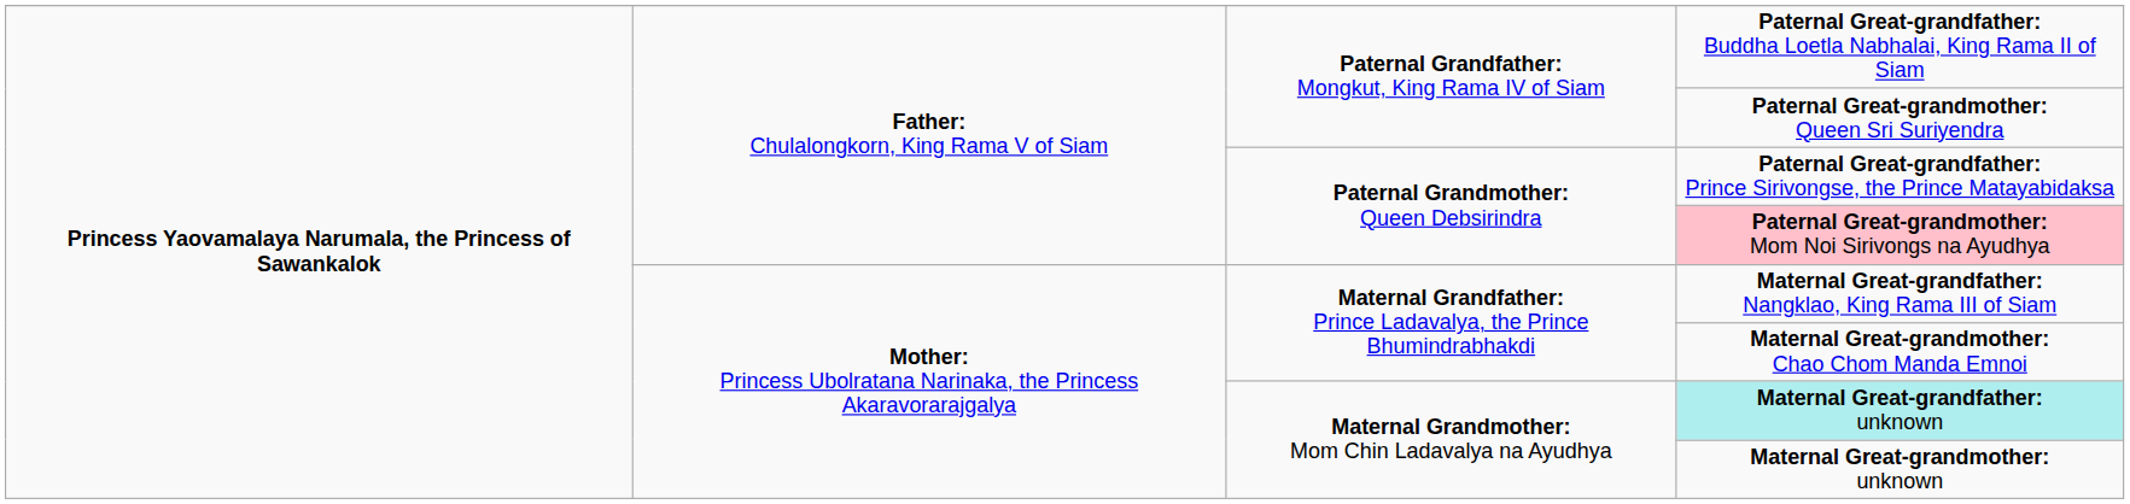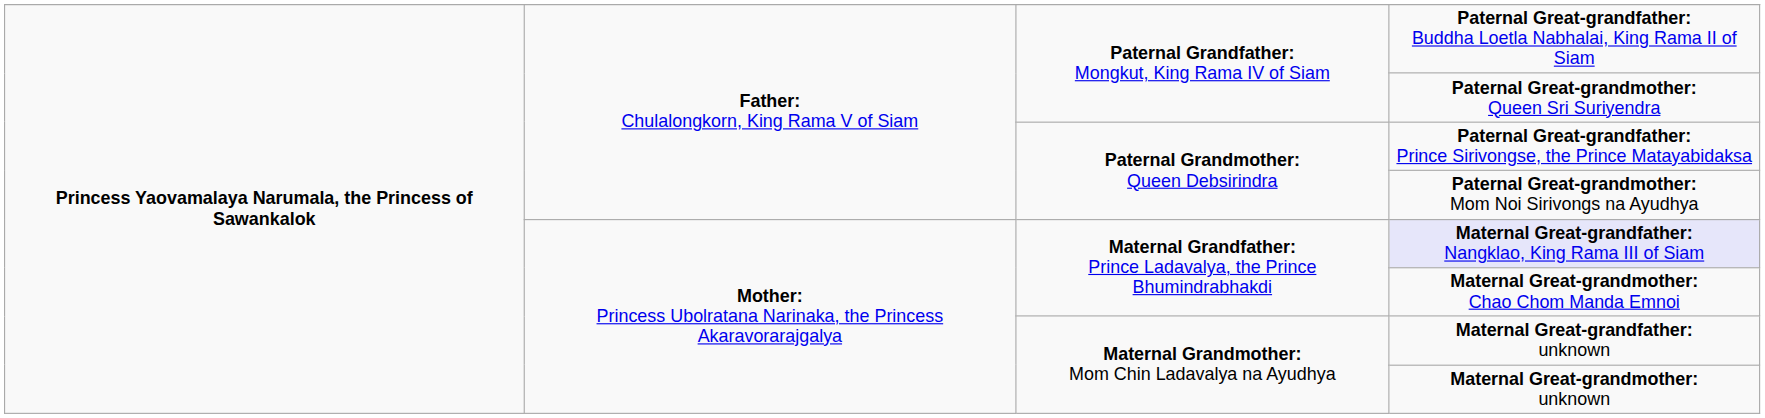 <table class="wikitable">
 <tr>
 </tr>
 <tr>
 <td rowspan="8" align="center"><strong>Princess Yaovamalaya Narumala, the Princess of Sawankalok</strong></td>
 <td rowspan="4" align="center"><strong>Father:</strong><br><a href='#'>Chulalongkorn, King Rama V of Siam</a></td>
 <td rowspan="2" align="center"><strong>Paternal Grandfather:</strong><br><a href='#'>Mongkut, King Rama IV of Siam</a></td>
 <td align = "center"><strong>Paternal Great-grandfather:</strong><br><a href='#'>Buddha Loetla Nabhalai, King Rama II of Siam</a></td>
 </tr>
 <tr>
 <td align = "center"><strong>Paternal Great-grandmother:</strong><br><a href='#'>Queen Sri Suriyendra</a></td>
 </tr>
 <tr>
 <td rowspan="2" align="center"><strong>Paternal Grandmother:</strong><br><a href='#'>Queen Debsirindra</a></td>
 <td align = "center"><strong>Paternal Great-grandfather:</strong><br><a href='#'>Prince Sirivongse, the Prince Matayabidaksa</a></td>
 </tr>
 <tr>
-<td align = "center" style="background: pink;"><strong>Paternal Great-grandmother:</strong><br>Mom Noi Sirivongs na Ayudhya</td>
+<td align = "center"><strong>Paternal Great-grandmother:</strong><br>Mom Noi Sirivongs na Ayudhya</td>
 </tr>
 <tr>
 <td rowspan="4" align="center"><strong>Mother:</strong><br><a href='#'>Princess Ubolratana Narinaka, the Princess Akaravorarajgalya</a></td>
 <td rowspan="2" align="center"><strong>Maternal Grandfather:</strong><br><a href='#'>Prince Ladavalya, the Prince Bhumindrabhakdi</a></td>
-<td align = "center"><strong>Maternal Great-grandfather:</strong><br><a href='#'>Nangklao, King Rama III of Siam</a></td>
+<td align = "center" style="background: lavender;"><strong>Maternal Great-grandfather:</strong><br><a href='#'>Nangklao, King Rama III of Siam</a></td>
 </tr>
 <tr>
 <td align = "center"><strong>Maternal Great-grandmother:</strong><br><a href='#'>Chao Chom Manda Emnoi</a></td>
 </tr>
 <tr>
 <td rowspan="2" align="center"><strong>Maternal Grandmother:</strong><br>Mom Chin Ladavalya na Ayudhya</td>
-<td align = "center" style="background: paleturquoise;"><strong>Maternal Great-grandfather:</strong><br>unknown</td>
+<td align = "center"><strong>Maternal Great-grandfather:</strong><br>unknown</td>
 </tr>
 <tr>
 <td align = "center"><strong>Maternal Great-grandmother:</strong><br>unknown</td>
 </tr>
 </table>
